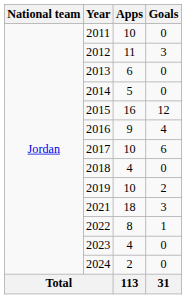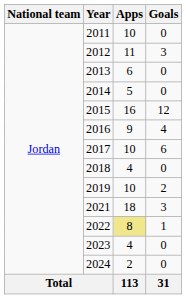 <table class="wikitable" style="text-align:center">
 <tr>
 <th>National team</th>
 <th>Year</th>
 <th>Apps</th>
 <th>Goals</th>
 </tr>
 <tr>
 <td rowspan="13"><a href='#'>Jordan</a></td>
 <td>2011</td>
 <td>10</td>
 <td>0</td>
 </tr>
 <tr>
 <td>2012</td>
 <td>11</td>
 <td>3</td>
 </tr>
 <tr>
 <td>2013</td>
 <td>6</td>
 <td>0</td>
 </tr>
 <tr>
 <td>2014</td>
 <td>5</td>
 <td>0</td>
 </tr>
 <tr>
 <td>2015</td>
 <td>16</td>
 <td>12</td>
 </tr>
 <tr>
 <td>2016</td>
 <td>9</td>
 <td>4</td>
 </tr>
 <tr>
 <td>2017</td>
 <td>10</td>
 <td>6</td>
 </tr>
 <tr>
 <td>2018</td>
 <td>4</td>
 <td>0</td>
 </tr>
 <tr>
 <td>2019</td>
 <td>10</td>
 <td>2</td>
 </tr>
 <tr>
 <td>2021</td>
 <td>18</td>
 <td>3</td>
 </tr>
 <tr>
 <td>2022</td>
-<td>8</td>
+<td style="background: khaki;">8</td>
 <td>1</td>
 </tr>
 <tr>
 <td>2023</td>
 <td>4</td>
 <td>0</td>
 </tr>
 <tr>
 <td>2024</td>
 <td>2</td>
 <td>0</td>
 </tr>
 <tr>
 <th colspan="2">Total</th>
 <th>113</th>
 <th>31</th>
 </tr>
 </table>
